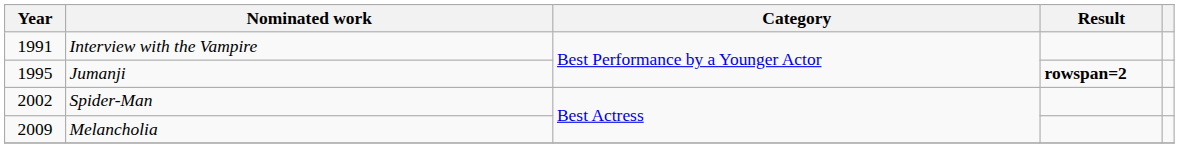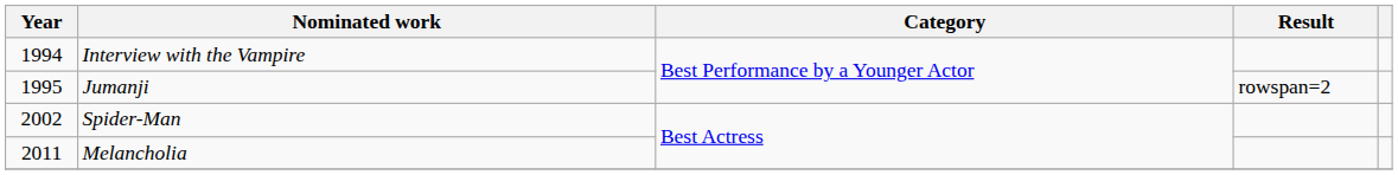 <table class="wikitable" style="width:85%;">
 <tr>
 <th width=5%>Year</th>
 <th style="width:40%;">Nominated work</th>
 <th style="width:40%;">Category</th>
 <th style="width:10%;">Result</th>
 <th width=1%></th>
 </tr>
 <tr>
-<td style="text-align:center;">1991</td>
+<td style="text-align:center;">1994</td>
 <td><em>Interview with the Vampire</em></td>
 <td rowspan="2"><a href='#'>Best Performance by a Younger Actor</a></td>
 <td></td>
 <td style="text-align:center;"></td>
 </tr>
 <tr>
 <td style="text-align:center;">1995</td>
 <td><em>Jumanji</em></td>
-<td><strong>rowspan=2 </strong></td>
+<td>rowspan=2 </td>
 <td style="text-align:center;"></td>
 </tr>
 <tr>
 <td style="text-align:center;">2002</td>
 <td><em>Spider-Man</em></td>
 <td rowspan=2><a href='#'>Best Actress</a></td>
 <td style="text-align:center;"></td>
 </tr>
 <tr>
-<td style="text-align:center;">2009</td>
+<td style="text-align:center;">2011</td>
 <td><em>Melancholia</em></td>
 <td></td>
 <td style="text-align:center;"></td>
 </tr>
 <tr>
 </tr>
 </table>
